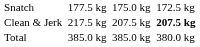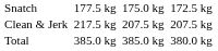 <table>
 <tr>
 <td>Snatch</td>
 <td></td>
 <td>177.5 kg</td>
 <td></td>
 <td>175.0 kg</td>
 <td></td>
 <td>172.5 kg</td>
 </tr>
 <tr>
 <td>Clean & Jerk</td>
 <td></td>
 <td>217.5 kg</td>
 <td></td>
 <td>207.5 kg</td>
 <td></td>
-<td><strong>207.5 kg</strong></td>
+<td>207.5 kg</td>
 </tr>
 <tr>
 <td>Total</td>
 <td></td>
 <td>385.0 kg</td>
 <td></td>
 <td>385.0 kg</td>
 <td></td>
 <td>380.0 kg</td>
 </tr>
 </table>
